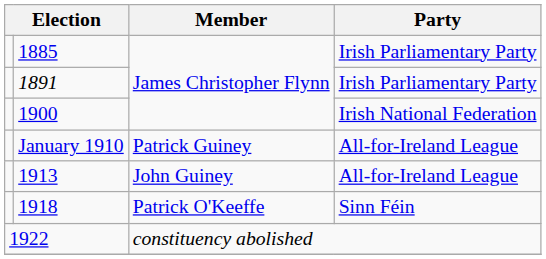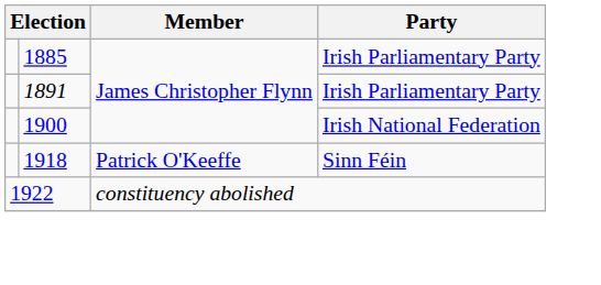 <table class="wikitable">
 <tr>
 <th colspan=2>Election</th>
 <th>Member</th>
 <th>Party</th>
 </tr>
 <tr>
 <td style="color:inherit;background-color: "></td>
 <td><a href='#'>1885</a></td>
 <td rowspan="3"><a href='#'>James Christopher Flynn</a></td>
 <td><a href='#'>Irish Parliamentary Party</a></td>
 </tr>
 <tr>
 <td style="color:inherit;background-color: "></td>
 <td><em>1891</em></td>
 <td><a href='#'>Irish Parliamentary Party</a></td>
 </tr>
 <tr>
 <td style="color:inherit;background-color: "></td>
 <td><a href='#'>1900</a></td>
 <td><a href='#'>Irish National Federation</a></td>
 </tr>
 <tr>
 <td style="color:inherit;background-color: "></td>
-<td><a href='#'>January 1910</a></td>
-<td><a href='#'>Patrick Guiney</a></td>
-<td><a href='#'>All-for-Ireland League</a></td>
-</tr>
-<tr>
-<td style="color:inherit;background-color: "></td>
-<td><a href='#'>1913</a></td>
-<td><a href='#'>John Guiney</a></td>
-<td><a href='#'>All-for-Ireland League</a></td>
-</tr>
-<tr>
-<td style="color:inherit;background-color: "></td>
 <td><a href='#'>1918</a></td>
 <td><a href='#'>Patrick O'Keeffe</a></td>
 <td><a href='#'>Sinn Féin</a></td>
 </tr>
 <tr>
 <td colspan="2"><a href='#'>1922</a></td>
 <td colspan="2"><em>constituency abolished</em></td>
 </tr>
 <tr>
 </tr>
 </table>
